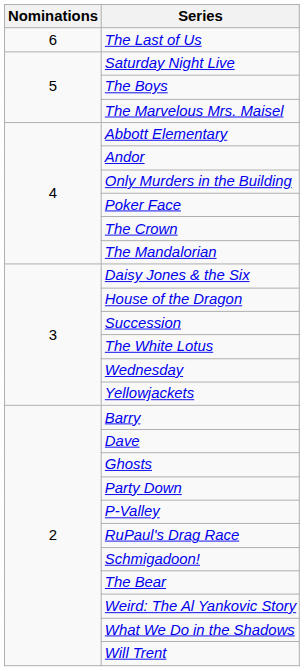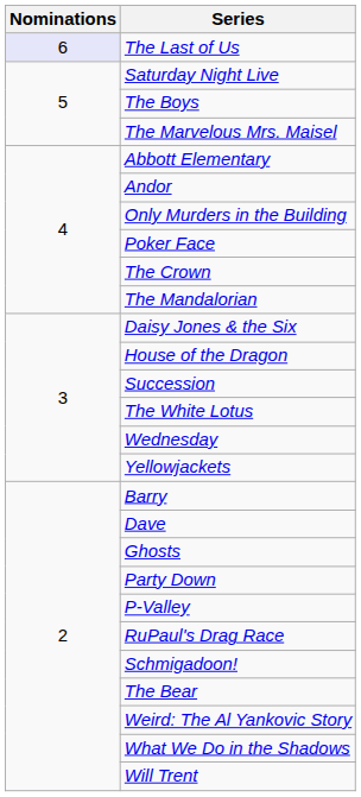 <table class="wikitable">
 <tr>
 <th scope="col" style="width:55px;">Nominations</th>
 <th scope="col" style="text-align:center;">Series</th>
 </tr>
 <tr>
-<td rowspan="1" style="text-align:center">6</td>
+<td rowspan="1" style="background: lavender; text-align:center">6</td>
 <td><em><a href='#'>The Last of Us</a></em></td>
 </tr>
 <tr>
 <td rowspan="3" style="text-align:center">5</td>
 <td><em><a href='#'>Saturday Night Live</a></em></td>
 </tr>
 <tr>
 <td><em><a href='#'>The Boys</a></em></td>
 </tr>
 <tr>
 <td><em><a href='#'>The Marvelous Mrs. Maisel</a></em></td>
 </tr>
 <tr>
 <td rowspan="6" style="text-align:center">4</td>
 <td><em><a href='#'>Abbott Elementary</a></em></td>
 </tr>
 <tr>
 <td><em><a href='#'>Andor</a></em></td>
 </tr>
 <tr>
 <td><em><a href='#'>Only Murders in the Building</a></em></td>
 </tr>
 <tr>
 <td><em><a href='#'>Poker Face</a></em></td>
 </tr>
 <tr>
 <td><em><a href='#'>The Crown</a></em></td>
 </tr>
 <tr>
 <td><em><a href='#'>The Mandalorian</a></em></td>
 </tr>
 <tr>
 <td rowspan="6" style="text-align:center">3</td>
 <td><em><a href='#'>Daisy Jones & the Six</a></em></td>
 </tr>
 <tr>
 <td><em><a href='#'>House of the Dragon</a></em></td>
 </tr>
 <tr>
 <td><em><a href='#'>Succession</a></em></td>
 </tr>
 <tr>
 <td><em><a href='#'>The White Lotus</a></em></td>
 </tr>
 <tr>
 <td><em><a href='#'>Wednesday</a></em></td>
 </tr>
 <tr>
 <td><em><a href='#'>Yellowjackets</a></em></td>
 </tr>
 <tr>
 <td rowspan="11" style="text-align:center">2</td>
 <td><em><a href='#'>Barry</a></em></td>
 </tr>
 <tr>
 <td><em><a href='#'>Dave</a></em></td>
 </tr>
 <tr>
 <td><em><a href='#'>Ghosts</a></em></td>
 </tr>
 <tr>
 <td><em><a href='#'>Party Down</a></em></td>
 </tr>
 <tr>
 <td><em><a href='#'>P-Valley</a></em></td>
 </tr>
 <tr>
 <td><em><a href='#'>RuPaul's Drag Race</a></em></td>
 </tr>
 <tr>
 <td><em><a href='#'>Schmigadoon!</a></em></td>
 </tr>
 <tr>
 <td><em><a href='#'>The Bear</a></em></td>
 </tr>
 <tr>
 <td><em><a href='#'>Weird: The Al Yankovic Story</a></em></td>
 </tr>
 <tr>
 <td><em><a href='#'>What We Do in the Shadows</a></em></td>
 </tr>
 <tr>
 <td><em><a href='#'>Will Trent</a></em></td>
 </tr>
 </table>
